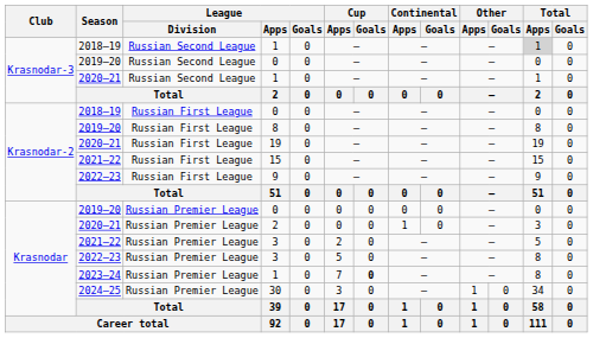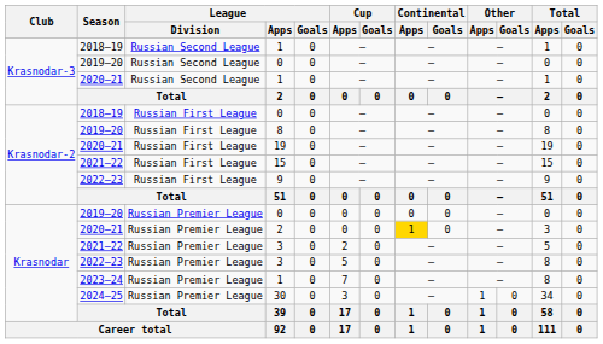 <table class="wikitable" style="text-align: center;">
 <tr>
 <th rowspan=2>Club</th>
 <th rowspan=2>Season</th>
 <th colspan=3>League</th>
 <th colspan=2>Cup</th>
 <th colspan=2>Continental</th>
 <th colspan=2>Other</th>
 <th colspan=2>Total</th>
 </tr>
 <tr>
 <th>Division</th>
 <th>Apps</th>
 <th>Goals</th>
 <th>Apps</th>
 <th>Goals</th>
 <th>Apps</th>
 <th>Goals</th>
 <th>Apps</th>
 <th>Goals</th>
 <th>Apps</th>
 <th>Goals</th>
 </tr>
 <tr>
 <td rowspan="4"><a href='#'>Krasnodar-3</a></td>
 <td>2018–19</td>
 <td><a href='#'>Russian Second League</a></td>
 <td>1</td>
 <td>0</td>
 <td colspan=2>–</td>
 <td colspan=2>–</td>
 <td colspan=2>–</td>
-<td style="background: lightgrey;">1</td>
+<td>1</td>
 <td>0</td>
 </tr>
 <tr>
 <td>2019–20</td>
 <td>Russian Second League</td>
 <td>0</td>
 <td>0</td>
 <td colspan=2>–</td>
 <td colspan=2>–</td>
 <td colspan=2>–</td>
 <td>0</td>
 <td>0</td>
 </tr>
 <tr>
 <td><a href='#'>2020–21</a></td>
 <td>Russian Second League</td>
 <td>1</td>
 <td>0</td>
 <td colspan=2>–</td>
 <td colspan=2>–</td>
 <td colspan=2>–</td>
 <td>1</td>
 <td>0</td>
 </tr>
 <tr>
 <th colspan=2>Total</th>
 <th>2</th>
 <th>0</th>
 <th>0</th>
 <th>0</th>
 <th>0</th>
 <th>0</th>
 <th colspan=2>–</th>
 <th>2</th>
 <th>0</th>
 </tr>
 <tr>
 <td rowspan="6"><a href='#'>Krasnodar-2</a></td>
 <td><a href='#'>2018–19</a></td>
 <td><a href='#'>Russian First League</a></td>
 <td>0</td>
 <td>0</td>
 <td colspan=2>–</td>
 <td colspan=2>–</td>
 <td colspan=2>–</td>
 <td>0</td>
 <td>0</td>
 </tr>
 <tr>
 <td><a href='#'>2019–20</a></td>
 <td>Russian First League</td>
 <td>8</td>
 <td>0</td>
 <td colspan=2>–</td>
 <td colspan=2>–</td>
 <td colspan=2>–</td>
 <td>8</td>
 <td>0</td>
 </tr>
 <tr>
 <td><a href='#'>2020–21</a></td>
 <td>Russian First League</td>
 <td>19</td>
 <td>0</td>
 <td colspan=2>–</td>
 <td colspan=2>–</td>
 <td colspan=2>–</td>
 <td>19</td>
 <td>0</td>
 </tr>
 <tr>
 <td><a href='#'>2021–22</a></td>
 <td>Russian First League</td>
 <td>15</td>
 <td>0</td>
 <td colspan=2>–</td>
 <td colspan=2>–</td>
 <td colspan=2>–</td>
 <td>15</td>
 <td>0</td>
 </tr>
 <tr>
 <td><a href='#'>2022–23</a></td>
 <td>Russian First League</td>
 <td>9</td>
 <td>0</td>
 <td colspan=2>–</td>
 <td colspan=2>–</td>
 <td colspan=2>–</td>
 <td>9</td>
 <td>0</td>
 </tr>
 <tr>
 <th colspan=2>Total</th>
 <th>51</th>
 <th>0</th>
 <th>0</th>
 <th>0</th>
 <th>0</th>
 <th>0</th>
 <th colspan=2>–</th>
 <th>51</th>
 <th>0</th>
 </tr>
 <tr>
 <td rowspan="7"><a href='#'>Krasnodar</a></td>
 <td><a href='#'>2019–20</a></td>
 <td><a href='#'>Russian Premier League</a></td>
 <td>0</td>
 <td>0</td>
 <td>0</td>
 <td>0</td>
 <td>0</td>
 <td>0</td>
 <td colspan=2>–</td>
 <td>0</td>
 <td>0</td>
 </tr>
 <tr>
 <td><a href='#'>2020–21</a></td>
 <td>Russian Premier League</td>
 <td>2</td>
 <td>0</td>
 <td>0</td>
 <td>0</td>
-<td>1</td>
+<td style="background: gold;">1</td>
 <td>0</td>
 <td colspan=2>–</td>
 <td>3</td>
 <td>0</td>
 </tr>
 <tr>
 <td><a href='#'>2021–22</a></td>
 <td>Russian Premier League</td>
 <td>3</td>
 <td>0</td>
 <td>2</td>
 <td>0</td>
 <td colspan=2>–</td>
 <td colspan=2>–</td>
 <td>5</td>
 <td>0</td>
 </tr>
 <tr>
 <td><a href='#'>2022–23</a></td>
 <td>Russian Premier League</td>
 <td>3</td>
 <td>0</td>
 <td>5</td>
 <td>0</td>
 <td colspan=2>–</td>
 <td colspan=2>–</td>
 <td>8</td>
 <td>0</td>
 </tr>
 <tr>
 <td><a href='#'>2023–24</a></td>
 <td>Russian Premier League</td>
 <td>1</td>
 <td>0</td>
 <td>7</td>
-<td><strong>0</strong></td>
+<td>0</td>
 <td colspan=2>–</td>
 <td colspan=2>–</td>
 <td>8</td>
 <td>0</td>
 </tr>
 <tr>
 <td><a href='#'>2024–25</a></td>
 <td>Russian Premier League</td>
 <td>30</td>
 <td>0</td>
 <td>3</td>
 <td>0</td>
 <td colspan="2">—</td>
 <td>1</td>
 <td>0</td>
 <td>34</td>
 <td>0</td>
 </tr>
 <tr>
 <th colspan="2">Total</th>
 <th>39</th>
 <th>0</th>
 <th>17</th>
 <th>0</th>
 <th>1</th>
 <th>0</th>
 <th>1</th>
 <th>0</th>
 <th>58</th>
 <th>0</th>
 </tr>
 <tr>
 <th colspan="3">Career total</th>
 <th>92</th>
 <th>0</th>
 <th>17</th>
 <th>0</th>
 <th>1</th>
 <th>0</th>
 <th>1</th>
 <th>0</th>
 <th>111</th>
 <th>0</th>
 </tr>
 </table>
